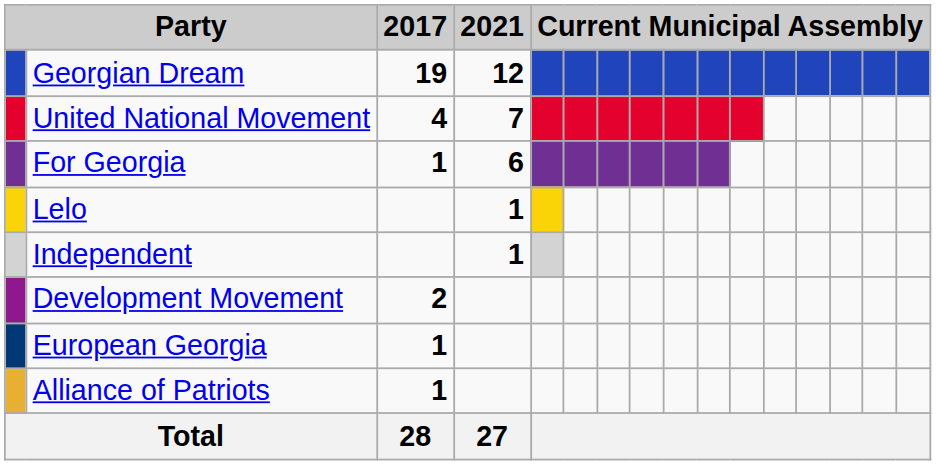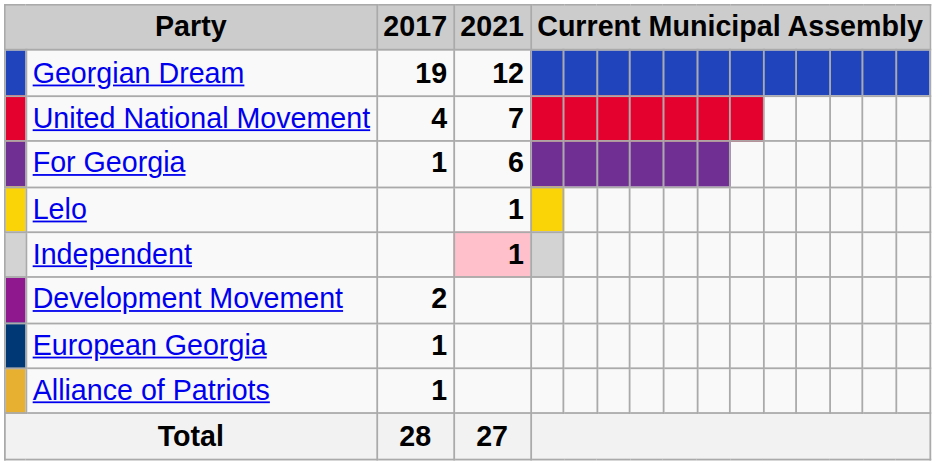 <table class="wikitable">
 <tr>
 <th style="background:#ccc" colspan="2">Party</th>
 <th style="background:#ccc">2017</th>
 <th style="background:#ccc">2021</th>
 <th style="background:#ccc" colspan="45">Current Municipal Assembly</th>
 </tr>
 <tr>
 <td style="background-color: #2044bc"> </td>
 <td><a href='#'>Georgian Dream</a></td>
 <td style="text-align: right"><strong>19</strong></td>
 <td style="text-align: right"><strong>12</strong></td>
 <td style="background-color: #2044bc"></td>
 <td style="background-color: #2044bc"> </td>
 <td style="background-color: #2044bc"> </td>
 <td style="background-color: #2044bc"> </td>
 <td style="background-color: #2044bc"> </td>
 <td style="background-color: #2044bc"> </td>
 <td style="background-color: #2044bc"> </td>
 <td style="background-color: #2044bc"> </td>
 <td style="background-color: #2044bc"> </td>
 <td style="background-color: #2044bc"> </td>
 <td style="background-color: #2044bc"> </td>
 <td style="background-color: #2044bc"> </td>
 </tr>
 <tr>
 <td style="background-color: #e4012e"> </td>
 <td><a href='#'>United National Movement</a></td>
 <td style="text-align: right"><strong>4</strong></td>
 <td style="text-align: right"><strong>7</strong></td>
 <td style="background-color: #e4012e"></td>
 <td style="background-color: #e4012e"> </td>
 <td style="background-color: #e4012e"> </td>
 <td style="background-color: #e4012e"> </td>
 <td style="background-color: #e4012e"> </td>
 <td style="background-color: #e4012e"> </td>
 <td style="background-color: #e4012e"> </td>
 <td></td>
 <td></td>
 <td></td>
 <td></td>
 <td></td>
 </tr>
 <tr>
 <td style="background-color: #702F92"> </td>
 <td><a href='#'>For Georgia</a></td>
 <td style="text-align: right"><strong>1</strong></td>
 <td style="text-align: right"><strong>6</strong></td>
 <td style="background-color: #702f92"></td>
 <td style="background-color: #702f92"> </td>
 <td style="background-color: #702f92"> </td>
 <td style="background-color: #702f92"> </td>
 <td style="background-color: #702f92"> </td>
 <td style="background-color: #702f92"> </td>
 <td></td>
 <td></td>
 <td></td>
 <td></td>
 <td></td>
 <td></td>
 </tr>
 <tr>
 <td style="background-color: #fad406"> </td>
 <td><a href='#'>Lelo</a></td>
 <td></td>
 <td style="text-align: right"><strong>1</strong></td>
 <td style="background-color: #fad406"> </td>
 <td></td>
 <td></td>
 <td></td>
 <td></td>
 <td></td>
 <td></td>
 <td></td>
 <td></td>
 <td></td>
 <td></td>
 <td></td>
 </tr>
 <tr>
 <td style="background-color: lightgray"> </td>
 <td><a href='#'>Independent</a></td>
 <td></td>
-<td style="text-align: right"><strong>1</strong></td>
+<td style="background: pink; text-align: right"><strong>1</strong></td>
 <td style="background-color: lightgray"> </td>
 <td></td>
 <td></td>
 <td></td>
 <td></td>
 <td></td>
 <td></td>
 <td></td>
 <td></td>
 <td></td>
 <td></td>
 <td></td>
 </tr>
 <tr>
 <td style="background-color: #8f188f"> </td>
 <td><a href='#'>Development Movement</a></td>
 <td style="text-align: right"><strong>2</strong></td>
 <td></td>
 <td></td>
 <td></td>
 <td></td>
 <td></td>
 <td></td>
 <td></td>
 <td></td>
 <td></td>
 <td></td>
 <td></td>
 <td></td>
 <td></td>
 </tr>
 <tr>
 <td style="background-color: #003876"> </td>
 <td><a href='#'>European Georgia</a></td>
 <td style="text-align: right"><strong>1</strong></td>
 <td></td>
 <td></td>
 <td></td>
 <td></td>
 <td></td>
 <td></td>
 <td></td>
 <td></td>
 <td></td>
 <td></td>
 <td></td>
 <td></td>
 <td></td>
 </tr>
 <tr>
 <td style="background-color: #e7b031"> </td>
 <td><a href='#'>Alliance of Patriots</a></td>
 <td style="text-align: right"><strong>1</strong></td>
 <td></td>
 <td></td>
 <td></td>
 <td></td>
 <td></td>
 <td></td>
 <td></td>
 <td></td>
 <td></td>
 <td></td>
 <td></td>
 <td></td>
 <td></td>
 </tr>
 <tr>
 <th colspan=2>Total</th>
 <th align=right>28</th>
 <th align=right>27</th>
 <th colspan=45> </th>
 </tr>
 </table>
